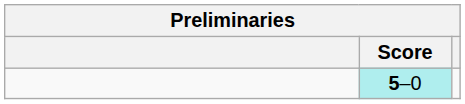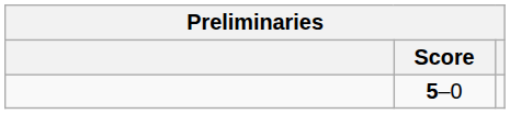 <table class="wikitable" style="text-align: center; font-size:90% ">
 <tr>
 <th colspan="3">Preliminaries</th>
 </tr>
 <tr>
 <th align="right" width="250"></th>
 <th width="60">Score</th>
 <th align="leftwidth="></th>
 </tr>
 <tr>
 <td align="left"><strong></strong></td>
-<td style="background: paleturquoise;"><strong>5</strong>–0</td>
+<td><strong>5</strong>–0</td>
 <td align="left"></td>
 </tr>
 </table>
